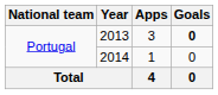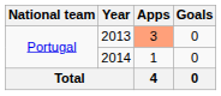 <table class="wikitable" style="text-align:center">
 <tr>
 <th>National team</th>
 <th>Year</th>
 <th>Apps</th>
 <th>Goals</th>
 </tr>
 <tr>
 <td rowspan="2"><a href='#'>Portugal</a></td>
 <td>2013</td>
-<td>3</td>
-<td><strong>0</strong></td>
+<td style="background: lightsalmon;">3</td>
+<td>0</td>
 </tr>
 <tr>
 <td>2014</td>
 <td>1</td>
 <td>0</td>
 </tr>
 <tr>
 <th colspan="2">Total</th>
 <th>4</th>
 <th>0</th>
 </tr>
 </table>
